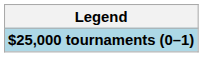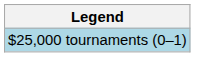 <table class=wikitable style=font-size:90%>
 <tr>
 <th>Legend</th>
 </tr>
 <tr bgcolor=lightblue>
-<td><strong>$25,000 tournaments (0–1)</strong></td>
+<td>$25,000 tournaments (0–1)</td>
 </tr>
 </table>
